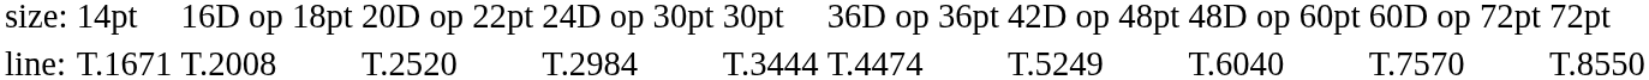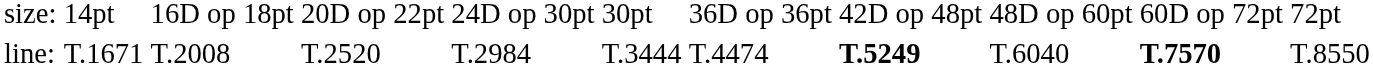 <table style="margin-left:40px;">
 <tr>
 <td>size:</td>
 <td>14pt</td>
 <td>16D op 18pt</td>
 <td>20D op 22pt</td>
 <td>24D op 30pt</td>
 <td>30pt</td>
 <td>36D op 36pt</td>
 <td>42D op 48pt</td>
 <td>48D op 60pt</td>
 <td>60D op 72pt</td>
 <td>72pt</td>
 </tr>
 <tr>
 <td>line:</td>
 <td>T.1671</td>
 <td>T.2008</td>
 <td>T.2520</td>
 <td>T.2984</td>
 <td>T.3444</td>
 <td>T.4474</td>
-<td>T.5249</td>
+<td><strong>T.5249</strong></td>
 <td>T.6040</td>
-<td>T.7570</td>
+<td><strong>T.7570</strong></td>
 <td>T.8550</td>
 </tr>
 </table>
